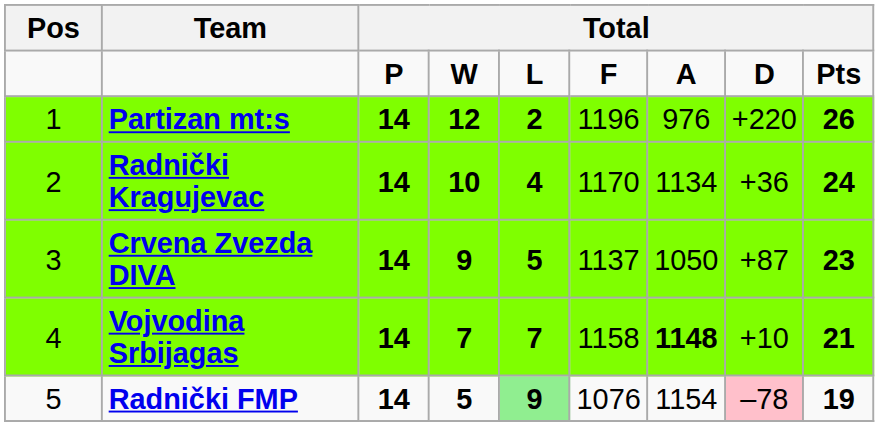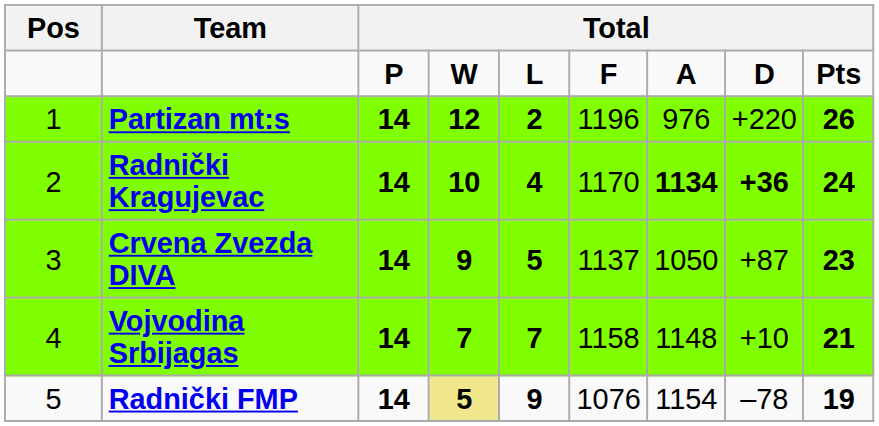 <table class="wikitable sortable" style="text-align: center; font-size:95%">
 <tr>
 <th width="44">Pos</th>
 <th width="128">Team</th>
 <th colspan=7>Total</th>
 </tr>
 <tr>
 <td></td>
 <td></td>
 <td width="30"><strong>P</strong></td>
 <td width="30"><strong>W</strong></td>
 <td width="30"><strong>L</strong></td>
 <td width="30"><strong>F</strong></td>
 <td width="30"><strong>A</strong></td>
 <td width="30"><strong>D</strong></td>
 <td width="30"><strong>Pts</strong></td>
 </tr>
 <tr bgcolor="#7fff00">
 <td>1</td>
 <td align="left"><strong><a href='#'>Partizan mt:s</a></strong></td>
 <td><strong>14</strong></td>
 <td><strong>12</strong></td>
 <td><strong>2</strong></td>
 <td>1196</td>
 <td>976</td>
 <td>+220</td>
 <td><strong>26</strong></td>
 </tr>
 <tr bgcolor="#7fff00">
 <td>2</td>
 <td align="left"><strong><a href='#'>Radnički Kragujevac</a></strong></td>
 <td><strong>14</strong></td>
 <td><strong>10</strong></td>
 <td><strong>4</strong></td>
 <td>1170</td>
-<td>1134</td>
-<td>+36</td>
+<td><strong>1134</strong></td>
+<td><strong>+36</strong></td>
 <td><strong>24</strong></td>
 </tr>
 <tr bgcolor="#7fff00">
 <td>3</td>
 <td align="left"><strong><a href='#'>Crvena Zvezda DIVA</a></strong></td>
 <td><strong>14</strong></td>
 <td><strong>9</strong></td>
 <td><strong>5</strong></td>
 <td>1137</td>
 <td>1050</td>
 <td>+87</td>
 <td><strong>23</strong></td>
 </tr>
 <tr bgcolor="#7fff00">
 <td>4</td>
 <td align="left"><strong><a href='#'>Vojvodina Srbijagas</a></strong></td>
 <td><strong>14</strong></td>
 <td><strong>7</strong></td>
 <td><strong>7</strong></td>
 <td>1158</td>
-<td><strong>1148</strong></td>
+<td>1148</td>
 <td>+10</td>
 <td><strong>21</strong></td>
 </tr>
 <tr>
 <td>5</td>
 <td align="left"><strong><a href='#'>Radnički FMP</a></strong></td>
 <td><strong>14</strong></td>
-<td><strong>5</strong></td>
-<td style="background: lightgreen;"><strong>9</strong></td>
+<td style="background: khaki;"><strong>5</strong></td>
+<td><strong>9</strong></td>
 <td>1076</td>
 <td>1154</td>
-<td style="background: pink;">–78</td>
+<td>–78</td>
 <td><strong>19</strong></td>
 </tr>
 <tr>
 </tr>
 </table>
